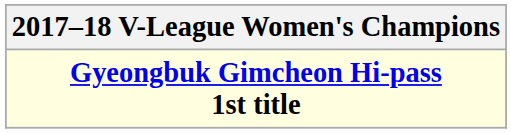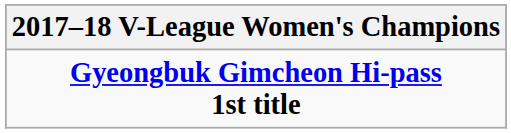 <table class=wikitable style="text-align:center; margin:auto">
 <tr>
 <th>2017–18 V-League Women's Champions</th>
 </tr>
 <tr>
-<td style="background: lightyellow;"><strong><a href='#'>Gyeongbuk Gimcheon Hi-pass</a></strong><br> <strong>1st title</strong></td>
+<td><strong><a href='#'>Gyeongbuk Gimcheon Hi-pass</a></strong><br> <strong>1st title</strong></td>
 </tr>
 </table>
